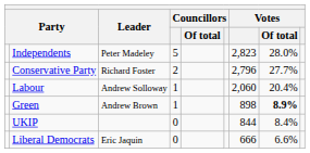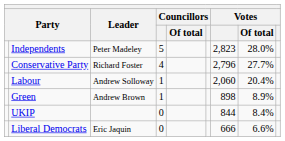 <table class="wikitable sortable" style="text-align:center;">
 <tr>
 <th colspan="9"></th>
 </tr>
 <tr>
 <th colspan="2" rowspan="2">Party</th>
 <th rowspan="2">Leader</th>
 <th colspan="3">Councillors</th>
 <th colspan="3">Votes</th>
 </tr>
 <tr>
 <th></th>
 <th>Of total</th>
 <th class="unsortable"></th>
 <th></th>
 <th>Of total</th>
 <th class="unsortable"></th>
 </tr>
 <tr>
 <td style="background:"></td>
 <td style="text-align:left;"><a href='#'>Independents</a></td>
 <td style="text-align:left;"><small>Peter Madeley</small></td>
 <td style="text-align:right;">5</td>
 <td style="text-align:right;"></td>
 <td data-sort-value=""></td>
 <td style="text-align:right;">2,823</td>
 <td style="text-align:right;">28.0%</td>
 <td></td>
 </tr>
 <tr>
 <td style="background:"></td>
 <td style="text-align:left;"><a href='#'>Conservative Party</a></td>
 <td style="text-align:left;"><small>Richard Foster</small></td>
-<td style="text-align:right;">2</td>
+<td style="text-align:right;">4</td>
 <td style="text-align:right;"></td>
 <td data-sort-value=""></td>
 <td style="text-align:right;">2,796</td>
 <td style="text-align:right;">27.7%</td>
 <td></td>
 </tr>
 <tr>
 <td style="background:"></td>
 <td style="text-align:left;"><a href='#'>Labour</a></td>
 <td style="text-align:left;"><small>Andrew Solloway</small></td>
 <td style="text-align:right;">1</td>
 <td style="text-align:right;"></td>
 <td data-sort-value=""></td>
 <td style="text-align:right;">2,060</td>
 <td style="text-align:right;">20.4%</td>
 <td></td>
 </tr>
 <tr>
 <td style="background:"></td>
 <td style="text-align:left;"><a href='#'>Green</a></td>
 <td style="text-align:left;"><small>Andrew Brown</small></td>
 <td style="text-align:right;">1</td>
 <td style="text-align:right;"></td>
 <td data-sort-value=""></td>
 <td style="text-align:right;">898</td>
-<td style="text-align:right;"><strong>8.9%</strong></td>
+<td style="text-align:right;">8.9%</td>
 <td></td>
 </tr>
 <tr>
 <td style="background:"></td>
 <td style="text-align:left;"><a href='#'>UKIP</a></td>
 <td style="text-align:left;"><small></small></td>
 <td style="text-align:right;">0</td>
 <td style="text-align:right;"></td>
 <td data-sort-value=""></td>
 <td style="text-align:right;">844</td>
 <td style="text-align:right;">8.4%</td>
 <td></td>
 </tr>
 <tr>
 <td style="background:"></td>
 <td style="text-align:left;"><a href='#'>Liberal Democrats</a></td>
 <td style="text-align:left;"><small>Eric Jaquin</small></td>
 <td style="text-align:right;">0</td>
 <td style="text-align:right;"></td>
 <td data-sort-value=""></td>
 <td style="text-align:right;">666</td>
 <td style="text-align:right;">6.6%</td>
 <td></td>
 </tr>
 </table>
